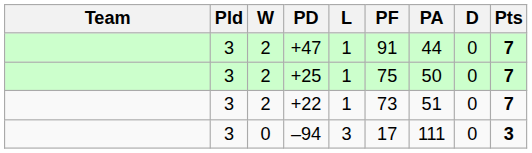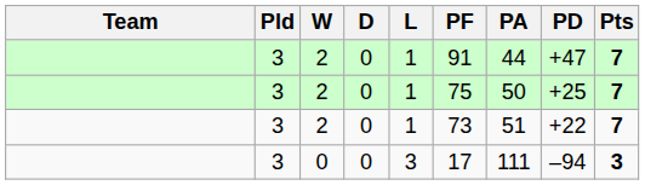 <table class="wikitable" style="text-align:center;">
 <tr>
 <th width=175>Team</th>
 <th width=25 abbr="Played">Pld</th>
 <th width=25 abbr="Won">W</th>
-<th width=32 abbr="Points difference">PD</th>
+<th width=25 abbr="Drawn">D</th>
 <th width=25 abbr="Lost">L</th>
 <th width=32 abbr="Points for">PF</th>
 <th width=32 abbr="Points against">PA</th>
-<th width=25 abbr="Drawn">D</th>
+<th width=32 abbr="Points difference">PD</th>
 <th width=25 abbr="Points">Pts</th>
 </tr>
 <tr bgcolor=ccffcc>
 <td align=left></td>
 <td>3</td>
 <td>2</td>
-<td>+47</td>
+<td>0</td>
 <td>1</td>
 <td>91</td>
 <td>44</td>
-<td>0</td>
+<td>+47</td>
 <td><strong>7</strong></td>
 </tr>
 <tr bgcolor=ccffcc>
 <td align=left></td>
 <td>3</td>
 <td>2</td>
-<td>+25</td>
+<td>0</td>
 <td>1</td>
 <td>75</td>
 <td>50</td>
-<td>0</td>
+<td>+25</td>
 <td><strong>7</strong></td>
 </tr>
 <tr>
 <td align=left></td>
 <td>3</td>
 <td>2</td>
-<td>+22</td>
+<td>0</td>
 <td>1</td>
 <td>73</td>
 <td>51</td>
-<td>0</td>
+<td>+22</td>
 <td><strong>7</strong></td>
 </tr>
 <tr>
 <td align=left></td>
 <td>3</td>
 <td>0</td>
-<td>–94</td>
+<td>0</td>
 <td>3</td>
 <td>17</td>
 <td>111</td>
-<td>0</td>
+<td>–94</td>
 <td><strong>3</strong></td>
 </tr>
 </table>
